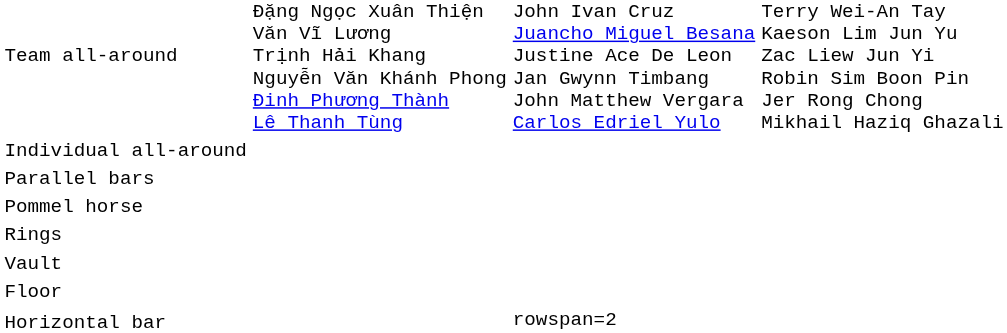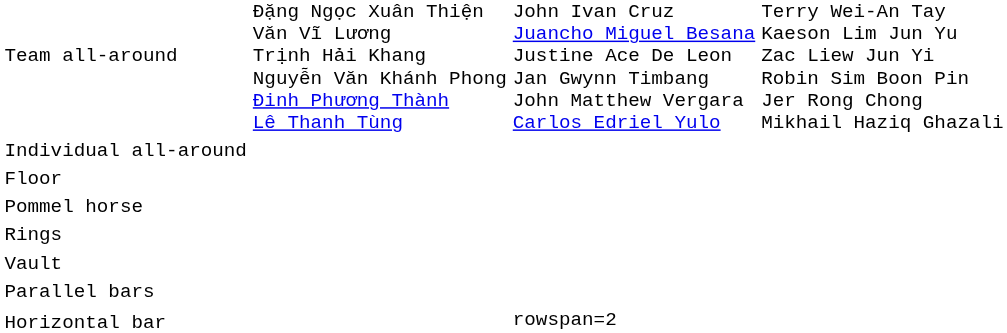 <table>
 <tr>
 <td>Team all-around</td>
 <td nowrap><br>Đặng Ngọc Xuân Thiện<br>Văn Vĩ Lương<br>Trịnh Hải Khang<br>Nguyễn Văn Khánh Phong<br><a href='#'>Đinh Phương Thành</a><br><a href='#'>Lê Thanh Tùng</a></td>
 <td><br>John Ivan Cruz<br><a href='#'>Juancho Miguel Besana</a><br>Justine Ace De Leon<br>Jan Gwynn Timbang<br>John Matthew Vergara<br><a href='#'>Carlos Edriel Yulo</a></td>
 <td><br>Terry Wei-An Tay<br>Kaeson Lim Jun Yu<br>Zac Liew Jun Yi<br>Robin Sim Boon Pin<br>Jer Rong Chong<br>Mikhail Haziq Ghazali</td>
 </tr>
 <tr>
 <td>Individual all-around</td>
 <td></td>
 <td></td>
 <td></td>
 </tr>
 <tr>
-<td>Parallel bars<br></td>
+<td>Floor</td>
 <td></td>
 <td></td>
 <td></td>
 </tr>
 <tr>
 <td>Pommel horse</td>
 <td></td>
 <td></td>
 <td nowrap></td>
 </tr>
 <tr>
 <td>Rings</td>
 <td></td>
 <td nowrap></td>
 <td></td>
 </tr>
 <tr>
 <td>Vault</td>
 <td></td>
 <td></td>
 <td></td>
 </tr>
 <tr>
-<td>Floor</td>
+<td>Parallel bars<br></td>
 <td></td>
 <td></td>
 <td></td>
 </tr>
 <tr>
 <td rowspan=2>Horizontal bar<br></td>
 <td></td>
 <td>rowspan=2 </td>
 <td rowspan=2></td>
 </tr>
 <tr>
 <td></td>
 </tr>
 </table>
